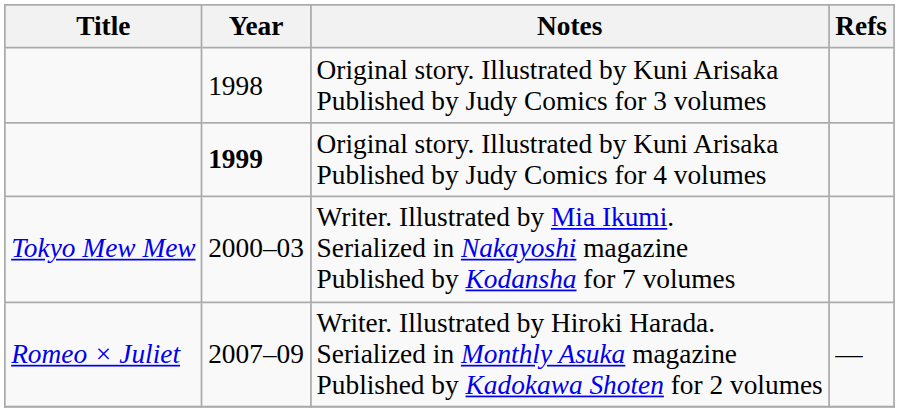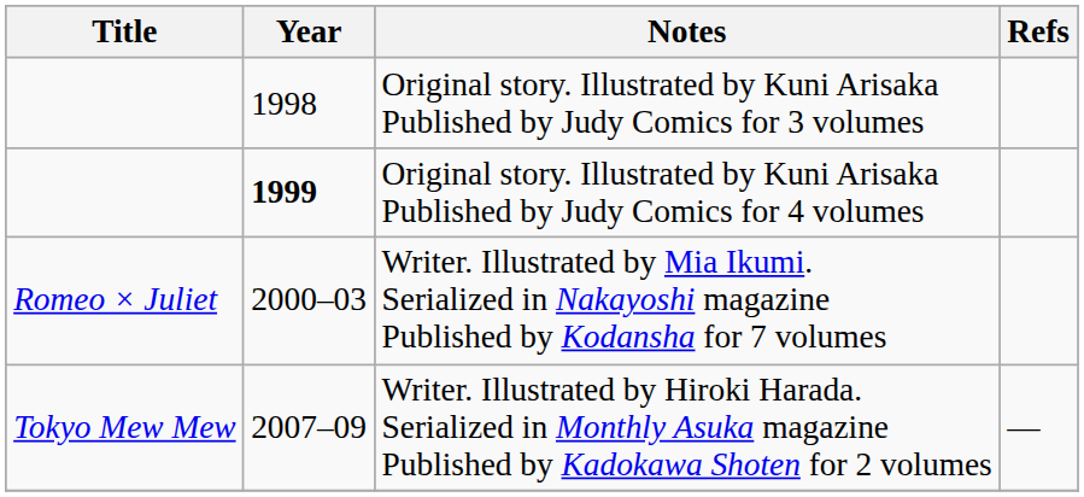 <table class="wikitable sortable">
 <tr>
 <th>Title</th>
 <th>Year</th>
 <th>Notes</th>
 <th>Refs</th>
 </tr>
 <tr>
 <td></td>
 <td>1998</td>
 <td>Original story. Illustrated by Kuni Arisaka<br>Published by Judy Comics for 3 volumes</td>
 <td></td>
 </tr>
 <tr>
 <td></td>
 <td><strong>1999</strong></td>
 <td>Original story. Illustrated by Kuni Arisaka<br>Published by Judy Comics for 4 volumes</td>
 <td></td>
 </tr>
 <tr>
-<td><em><a href='#'>Tokyo Mew Mew</a></em></td>
+<td><em><a href='#'>Romeo × Juliet</a></em></td>
 <td>2000–03</td>
 <td>Writer. Illustrated by <a href='#'>Mia Ikumi</a>.<br>Serialized in <em><a href='#'>Nakayoshi</a></em> magazine<br>Published by <em><a href='#'>Kodansha</a></em> for 7 volumes</td>
 <td></td>
 </tr>
 <tr>
-<td><em><a href='#'>Romeo × Juliet</a></em></td>
+<td><em><a href='#'>Tokyo Mew Mew</a></em></td>
 <td>2007–09</td>
 <td>Writer. Illustrated by Hiroki Harada.<br>Serialized in <em><a href='#'>Monthly Asuka</a></em> magazine<br>Published by <em><a href='#'>Kadokawa Shoten</a></em> for 2 volumes</td>
 <td>—</td>
 </tr>
 <tr>
 </tr>
 </table>
